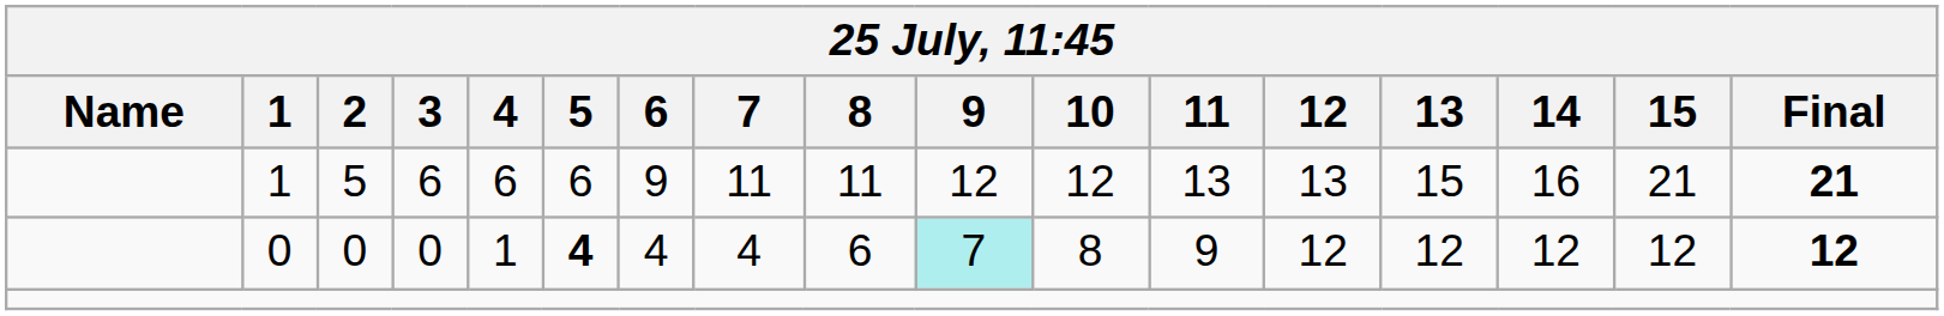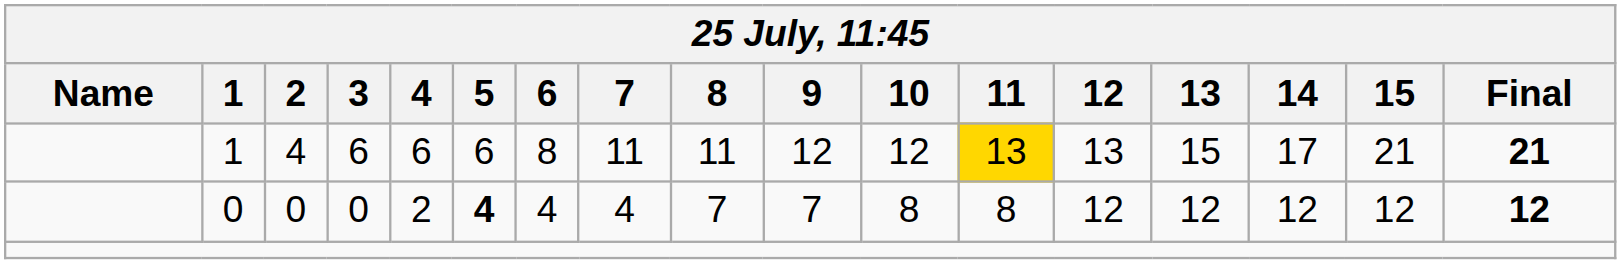 <table class=wikitable style="text-align:center; width: 55%">
 <tr>
 <th colspan=17><em>25 July, 11:45</em></th>
 </tr>
 <tr>
 <th>Name</th>
 <th>1</th>
 <th>2</th>
 <th>3</th>
 <th>4</th>
 <th>5</th>
 <th>6</th>
 <th>7</th>
 <th>8</th>
 <th>9</th>
 <th>10</th>
 <th>11</th>
 <th>12</th>
 <th>13</th>
 <th>14</th>
 <th>15</th>
 <th>Final</th>
 </tr>
 <tr>
 <td align=left><strong></strong></td>
 <td>1</td>
-<td>5</td>
+<td>4</td>
 <td>6</td>
 <td>6</td>
 <td>6</td>
-<td>9</td>
+<td>8</td>
 <td>11</td>
 <td>11</td>
 <td>12</td>
 <td>12</td>
-<td>13</td>
+<td style="background: gold;">13</td>
 <td>13</td>
 <td>15</td>
-<td>16</td>
+<td>17</td>
 <td>21</td>
 <td><strong>21</strong></td>
 </tr>
 <tr>
 <td align=left></td>
 <td>0</td>
 <td>0</td>
 <td>0</td>
-<td>1</td>
+<td>2</td>
 <td><strong>4</strong></td>
 <td>4</td>
 <td>4</td>
-<td>6</td>
-<td style="background: paleturquoise;">7</td>
+<td>7</td>
+<td>7</td>
 <td>8</td>
-<td>9</td>
+<td>8</td>
 <td>12</td>
 <td>12</td>
 <td>12</td>
 <td>12</td>
 <td><strong>12</strong></td>
 </tr>
 <tr>
 <td colspan=17></td>
 </tr>
 </table>
